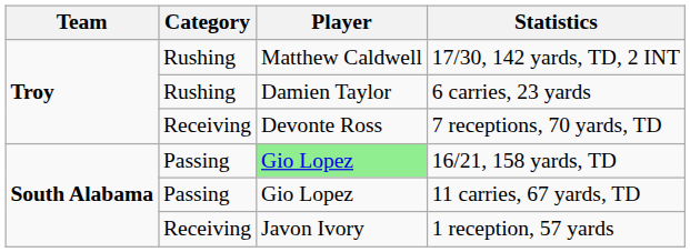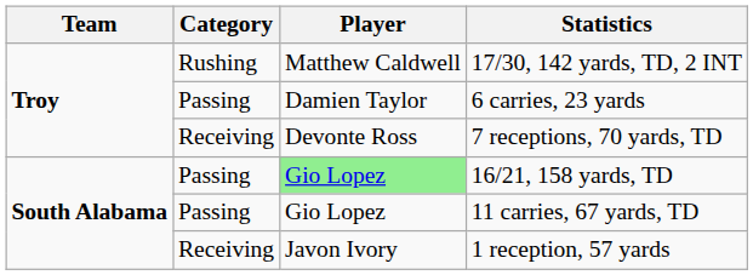 <table class="wikitable" style="float: right;">
 <tr>
 <th>Team</th>
 <th>Category</th>
 <th>Player</th>
 <th>Statistics</th>
 </tr>
 <tr>
 <td rowspan=3><strong>Troy</strong></td>
 <td>Rushing</td>
 <td>Matthew Caldwell</td>
 <td>17/30, 142 yards, TD, 2 INT</td>
 </tr>
 <tr>
-<td>Rushing</td>
+<td>Passing</td>
 <td>Damien Taylor</td>
 <td>6 carries, 23 yards</td>
 </tr>
 <tr>
 <td>Receiving</td>
 <td>Devonte Ross</td>
 <td>7 receptions, 70 yards, TD</td>
 </tr>
 <tr>
 <td rowspan=3><strong>South Alabama</strong></td>
 <td>Passing</td>
 <td style="background: lightgreen;"><a href='#'>Gio Lopez</a></td>
 <td>16/21, 158 yards, TD</td>
 </tr>
 <tr>
 <td>Passing</td>
 <td>Gio Lopez</td>
 <td>11 carries, 67 yards, TD</td>
 </tr>
 <tr>
 <td>Receiving</td>
 <td>Javon Ivory</td>
 <td>1 reception, 57 yards</td>
 </tr>
 </table>
